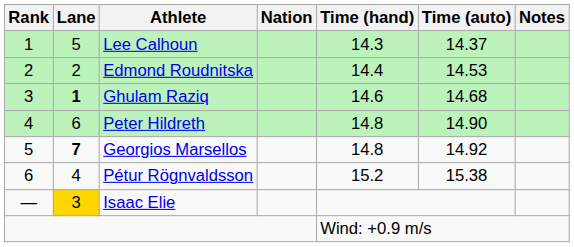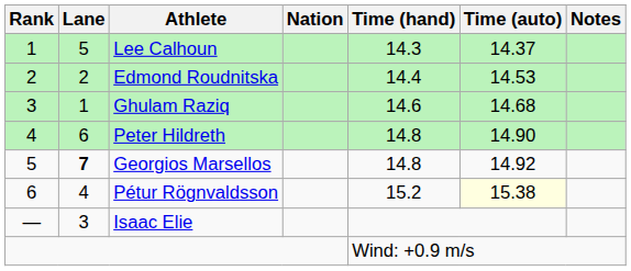 <table class="wikitable sortable" style="text-align:center">
 <tr>
 <th>Rank</th>
 <th>Lane</th>
 <th>Athlete</th>
 <th>Nation</th>
 <th>Time (hand)</th>
 <th>Time (auto)</th>
 <th>Notes</th>
 </tr>
 <tr bgcolor=bbf3bb>
 <td>1</td>
 <td>5</td>
 <td align=left><a href='#'>Lee Calhoun</a></td>
 <td align=left></td>
 <td>14.3</td>
 <td>14.37</td>
 <td></td>
 </tr>
 <tr bgcolor=bbf3bb>
 <td>2</td>
 <td>2</td>
 <td align=left><a href='#'>Edmond Roudnitska</a></td>
 <td align=left></td>
 <td>14.4</td>
 <td>14.53</td>
 <td></td>
 </tr>
 <tr bgcolor=bbf3bb>
 <td>3</td>
-<td><strong>1</strong></td>
+<td>1</td>
 <td align=left><a href='#'>Ghulam Raziq</a></td>
 <td align=left></td>
 <td>14.6</td>
 <td>14.68</td>
 <td></td>
 </tr>
 <tr bgcolor=bbf3bb>
 <td>4</td>
 <td>6</td>
 <td align=left><a href='#'>Peter Hildreth</a></td>
 <td align=left></td>
 <td>14.8</td>
 <td>14.90</td>
 <td></td>
 </tr>
 <tr>
 <td>5</td>
 <td><strong>7</strong></td>
 <td align=left><a href='#'>Georgios Marsellos</a></td>
 <td align=left></td>
 <td>14.8</td>
 <td>14.92</td>
 <td></td>
 </tr>
 <tr>
 <td>6</td>
 <td>4</td>
 <td align=left><a href='#'>Pétur Rögnvaldsson</a></td>
 <td align=left></td>
 <td>15.2</td>
-<td>15.38</td>
+<td style="background: lightyellow;">15.38</td>
 <td></td>
 </tr>
 <tr>
 <td data-sort-value=7>—</td>
-<td style="background: gold;">3</td>
+<td>3</td>
 <td align=left><a href='#'>Isaac Elie</a></td>
 <td align=left></td>
 <td colspan=2></td>
 <td></td>
 </tr>
 <tr class="sortbottom">
 <td colspan=4></td>
 <td colspan="3" style="text-align:left;">Wind: +0.9 m/s</td>
 </tr>
 </table>
